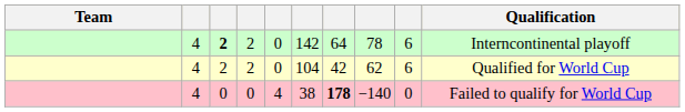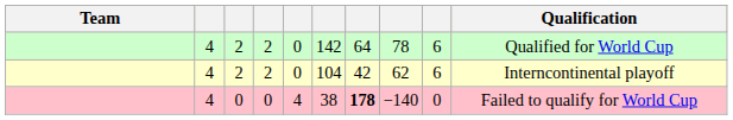 <table class="wikitable" style="text-align:center">
 <tr style="background:#bdb76b;">
 <th style="width:170px">Team</th>
 <th width="20"></th>
 <th width="20"></th>
 <th width="20"></th>
 <th width="20"></th>
 <th width="20"></th>
 <th width="20"></th>
 <th width="20"></th>
 <th width="20"></th>
 <th width="250">Qualification</th>
 </tr>
 <tr style="background:#cfc;">
 <td style="text-align:left;"></td>
 <td>4</td>
-<td><strong>2</strong></td>
+<td>2</td>
 <td>2</td>
 <td>0</td>
 <td>142</td>
 <td>64</td>
 <td>78</td>
 <td>6</td>
-<td>Interncontinental playoff</td>
+<td>Qualified for <a href='#'>World Cup</a></td>
 </tr>
 <tr style="background:#ffc">
 <td style="text-align:left;"></td>
 <td>4</td>
 <td>2</td>
 <td>2</td>
 <td>0</td>
 <td>104</td>
 <td>42</td>
 <td>62</td>
 <td>6</td>
-<td>Qualified for <a href='#'>World Cup</a></td>
+<td>Interncontinental playoff</td>
 </tr>
 <tr style="background:#FFC0CB;">
 <td style="text-align:left;"></td>
 <td>4</td>
 <td>0</td>
 <td>0</td>
 <td>4</td>
 <td>38</td>
 <td><strong>178</strong></td>
 <td>−140</td>
 <td>0</td>
 <td>Failed to qualify for <a href='#'>World Cup</a></td>
 </tr>
 </table>
